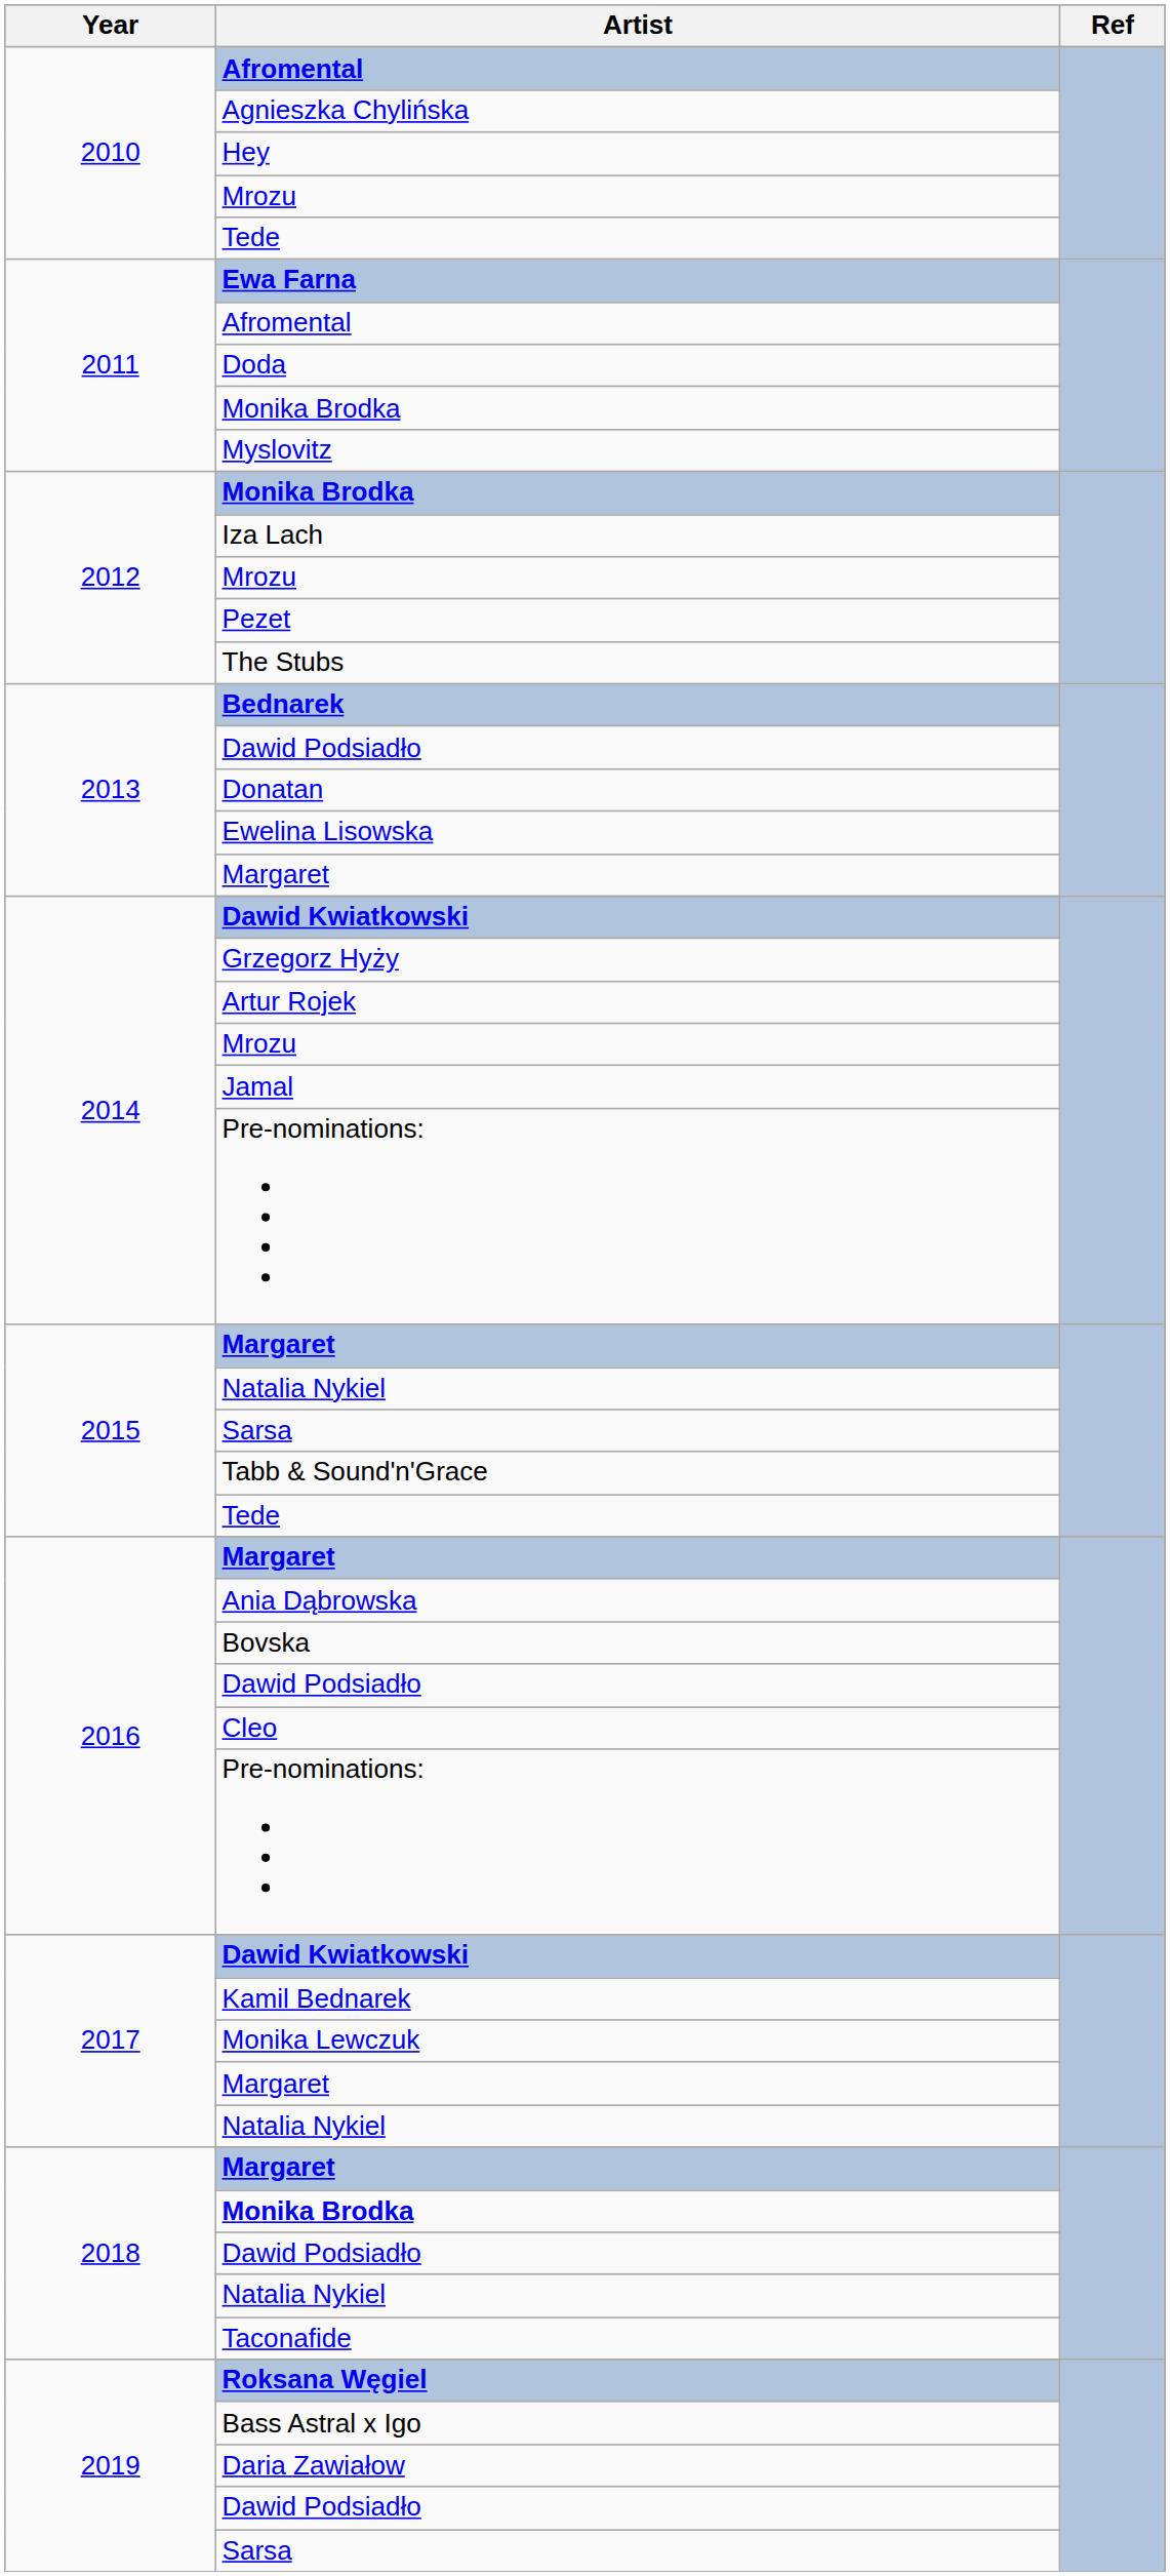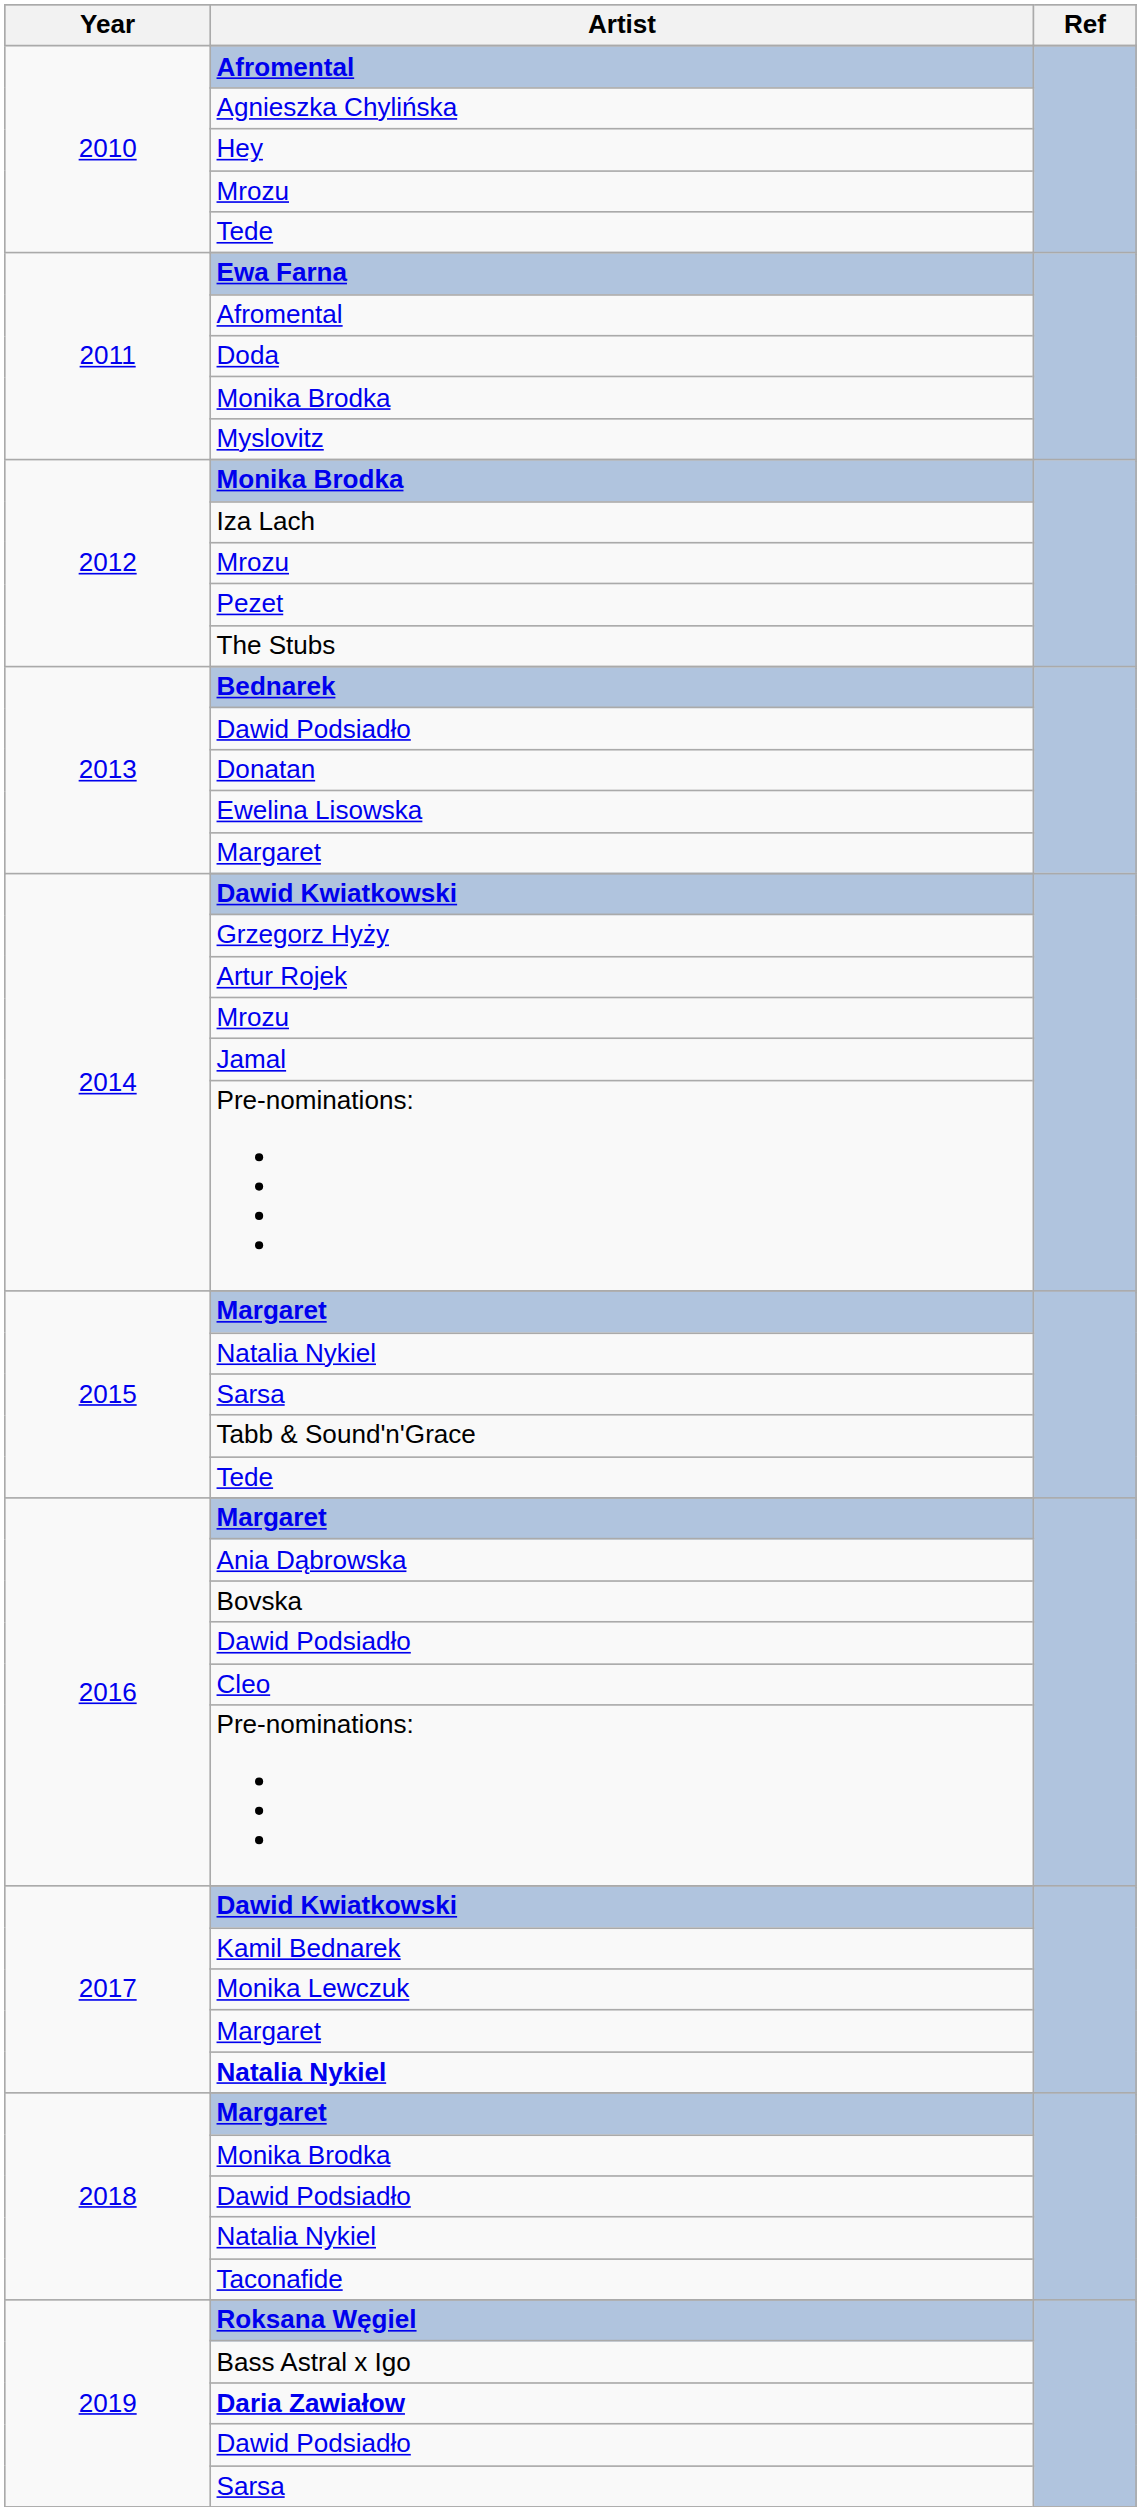 <table class="wikitable" style="width:55%;">
 <tr style="background:#bebebe;">
 <th style="width:10%;">Year</th>
 <th style="width:40%;">Artist</th>
 <th style="width:5%;">Ref</th>
 </tr>
 <tr>
 <td rowspan="6" align="center"><a href='#'>2010</a></td>
 </tr>
 <tr style="background:#B0C4DE">
 <td><strong><a href='#'>Afromental</a></strong></td>
 <td rowspan="6" align="center"></td>
 </tr>
 <tr>
 <td><a href='#'>Agnieszka Chylińska</a></td>
 </tr>
 <tr>
 <td><a href='#'>Hey</a></td>
 </tr>
 <tr>
 <td><a href='#'>Mrozu</a></td>
 </tr>
 <tr>
 <td><a href='#'>Tede</a></td>
 </tr>
 <tr>
 <td rowspan="6" align="center"><a href='#'>2011</a></td>
 </tr>
 <tr style="background:#B0C4DE">
 <td><strong><a href='#'>Ewa Farna</a></strong></td>
 <td rowspan="6" align="center"></td>
 </tr>
 <tr>
 <td><a href='#'>Afromental</a></td>
 </tr>
 <tr>
 <td><a href='#'>Doda</a></td>
 </tr>
 <tr>
 <td><a href='#'>Monika Brodka</a></td>
 </tr>
 <tr>
 <td><a href='#'>Myslovitz</a></td>
 </tr>
 <tr>
 <td rowspan="6" align="center"><a href='#'>2012</a></td>
 </tr>
 <tr style="background:#B0C4DE">
 <td><strong><a href='#'>Monika Brodka</a></strong></td>
 <td rowspan="6" align="center"></td>
 </tr>
 <tr>
 <td>Iza Lach</td>
 </tr>
 <tr>
 <td><a href='#'>Mrozu</a></td>
 </tr>
 <tr>
 <td><a href='#'>Pezet</a></td>
 </tr>
 <tr>
 <td>The Stubs</td>
 </tr>
 <tr>
 <td rowspan="6" align="center"><a href='#'>2013</a></td>
 </tr>
 <tr style="background:#B0C4DE">
 <td><strong><a href='#'>Bednarek</a></strong></td>
 <td rowspan="6" align="center"></td>
 </tr>
 <tr>
 <td><a href='#'>Dawid Podsiadło</a></td>
 </tr>
 <tr>
 <td><a href='#'>Donatan</a></td>
 </tr>
 <tr>
 <td><a href='#'>Ewelina Lisowska</a></td>
 </tr>
 <tr>
 <td><a href='#'>Margaret</a></td>
 </tr>
 <tr>
 <td rowspan="7" align="center"><a href='#'>2014</a></td>
 </tr>
 <tr style="background:#B0C4DE">
 <td><strong><a href='#'>Dawid Kwiatkowski</a></strong></td>
 <td rowspan="7" align="center"></td>
 </tr>
 <tr>
 <td><a href='#'>Grzegorz Hyży</a></td>
 </tr>
 <tr>
 <td><a href='#'>Artur Rojek</a></td>
 </tr>
 <tr>
 <td><a href='#'>Mrozu</a></td>
 </tr>
 <tr>
 <td><a href='#'>Jamal</a></td>
 </tr>
 <tr>
 <td>Pre-nominations:<br><ul><li></li><li></li><li></li><li></li></ul></td>
 </tr>
 <tr>
 <td rowspan="6" align="center"><a href='#'>2015</a></td>
 </tr>
 <tr style="background:#B0C4DE">
 <td><strong><a href='#'>Margaret</a></strong></td>
 <td rowspan="6" align="center"></td>
 </tr>
 <tr>
 <td><a href='#'>Natalia Nykiel</a></td>
 </tr>
 <tr>
 <td><a href='#'>Sarsa</a></td>
 </tr>
 <tr>
 <td>Tabb & Sound'n'Grace</td>
 </tr>
 <tr>
 <td><a href='#'>Tede</a></td>
 </tr>
 <tr>
 <td rowspan="7" align="center"><a href='#'>2016</a></td>
 </tr>
 <tr style="background:#B0C4DE">
 <td><strong><a href='#'>Margaret</a></strong></td>
 <td rowspan="7" align="center"></td>
 </tr>
 <tr>
 <td><a href='#'>Ania Dąbrowska</a></td>
 </tr>
 <tr>
 <td>Bovska</td>
 </tr>
 <tr>
 <td><a href='#'>Dawid Podsiadło</a></td>
 </tr>
 <tr>
 <td><a href='#'>Cleo</a></td>
 </tr>
 <tr>
 <td>Pre-nominations:<br><ul><li></li><li></li><li></li></ul></td>
 </tr>
 <tr>
 <td rowspan="6" align="center"><a href='#'>2017</a></td>
 </tr>
 <tr style="background:#B0C4DE">
 <td><strong><a href='#'>Dawid Kwiatkowski</a></strong></td>
 <td rowspan="6" align="center"></td>
 </tr>
 <tr>
 <td><a href='#'>Kamil Bednarek</a></td>
 </tr>
 <tr>
 <td><a href='#'>Monika Lewczuk</a></td>
 </tr>
 <tr>
 <td><a href='#'>Margaret</a></td>
 </tr>
 <tr>
-<td><a href='#'>Natalia Nykiel</a></td>
+<td><strong><a href='#'>Natalia Nykiel</a></strong></td>
 </tr>
 <tr>
 <td rowspan="6" align="center"><a href='#'>2018</a></td>
 </tr>
 <tr style="background:#B0C4DE">
 <td><strong><a href='#'>Margaret</a></strong></td>
 <td rowspan="6" align="center"></td>
 </tr>
 <tr>
-<td><strong><a href='#'>Monika Brodka</a></strong></td>
+<td><a href='#'>Monika Brodka</a></td>
 </tr>
 <tr>
 <td><a href='#'>Dawid Podsiadło</a></td>
 </tr>
 <tr>
 <td><a href='#'>Natalia Nykiel</a></td>
 </tr>
 <tr>
 <td><a href='#'>Taconafide</a></td>
 </tr>
 <tr>
 <td rowspan="6" align="center"><a href='#'>2019</a></td>
 </tr>
 <tr style="background:#B0C4DE">
 <td><strong><a href='#'>Roksana Węgiel</a></strong></td>
 <td rowspan="6" align="center"></td>
 </tr>
 <tr>
 <td>Bass Astral x Igo</td>
 </tr>
 <tr>
-<td><a href='#'>Daria Zawiałow</a></td>
+<td><strong><a href='#'>Daria Zawiałow</a></strong></td>
 </tr>
 <tr>
 <td><a href='#'>Dawid Podsiadło</a></td>
 </tr>
 <tr>
 <td><a href='#'>Sarsa</a></td>
 </tr>
 </table>
